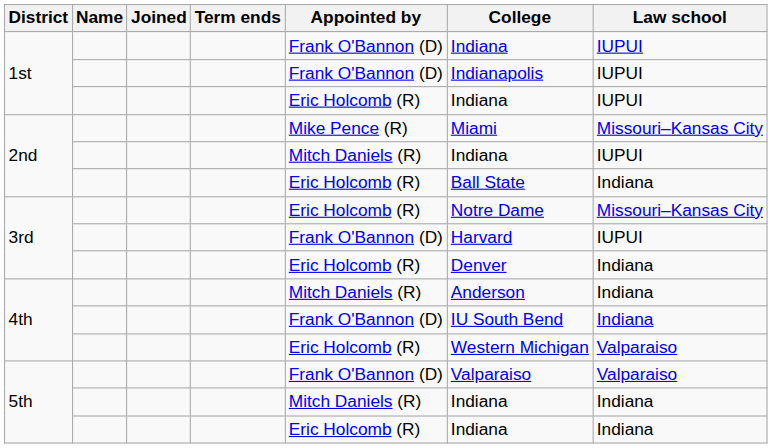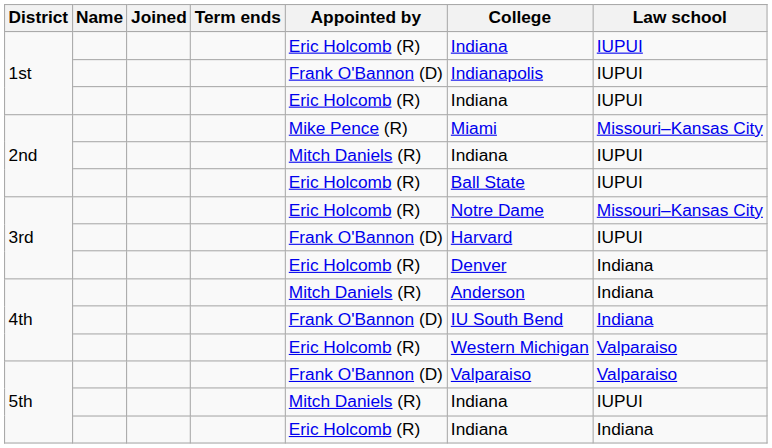 <table class="wikitable sortable">
 <tr>
 <th>District</th>
 <th>Name</th>
 <th>Joined</th>
 <th>Term ends</th>
 <th>Appointed by</th>
 <th>College</th>
 <th>Law school</th>
 </tr>
 <tr>
 <td rowspan=3>1st</td>
 <td></td>
 <td></td>
 <td></td>
-<td><a href='#'>Frank O'Bannon</a> (D)</td>
+<td><a href='#'>Eric Holcomb</a> (R)</td>
 <td><a href='#'>Indiana</a></td>
 <td><a href='#'>IUPUI</a></td>
 </tr>
 <tr>
 <td></td>
 <td></td>
 <td></td>
 <td><a href='#'>Frank O'Bannon</a> (D)</td>
 <td><a href='#'>Indianapolis</a></td>
 <td>IUPUI</td>
 </tr>
 <tr>
 <td><strong></strong></td>
 <td></td>
 <td></td>
 <td><a href='#'>Eric Holcomb</a> (R)</td>
 <td>Indiana</td>
 <td>IUPUI</td>
 </tr>
 <tr>
 <td rowspan=3>2nd</td>
 <td><strong><em></em></strong></td>
 <td></td>
 <td></td>
 <td><a href='#'>Mike Pence</a> (R)</td>
 <td><a href='#'>Miami</a></td>
 <td><a href='#'>Missouri–Kansas City</a></td>
 </tr>
 <tr>
 <td></td>
 <td></td>
 <td></td>
 <td><a href='#'>Mitch Daniels</a> (R)</td>
 <td>Indiana</td>
 <td>IUPUI</td>
 </tr>
 <tr>
 <td></td>
 <td></td>
 <td></td>
 <td><a href='#'>Eric Holcomb</a> (R)</td>
 <td><a href='#'>Ball State</a></td>
-<td>Indiana</td>
+<td>IUPUI</td>
 </tr>
 <tr>
 <td rowspan=3>3rd</td>
 <td></td>
 <td></td>
 <td></td>
 <td><a href='#'>Eric Holcomb</a> (R)</td>
 <td><a href='#'>Notre Dame</a></td>
 <td><a href='#'>Missouri–Kansas City</a></td>
 </tr>
 <tr>
 <td><strong></strong></td>
 <td></td>
 <td></td>
 <td><a href='#'>Frank O'Bannon</a> (D)</td>
 <td><a href='#'>Harvard</a></td>
 <td>IUPUI</td>
 </tr>
 <tr>
 <td></td>
 <td></td>
 <td></td>
 <td><a href='#'>Eric Holcomb</a> (R)</td>
 <td><a href='#'>Denver</a></td>
 <td>Indiana</td>
 </tr>
 <tr>
 <td rowspan=3>4th</td>
 <td></td>
 <td></td>
 <td></td>
 <td><a href='#'>Mitch Daniels</a> (R)</td>
 <td><a href='#'>Anderson</a></td>
 <td>Indiana</td>
 </tr>
 <tr>
 <td><strong></strong></td>
 <td></td>
 <td></td>
 <td><a href='#'>Frank O'Bannon</a> (D)</td>
 <td><a href='#'>IU South Bend</a></td>
 <td><a href='#'>Indiana</a></td>
 </tr>
 <tr>
 <td></td>
 <td></td>
 <td></td>
 <td><a href='#'>Eric Holcomb</a> (R)</td>
 <td><a href='#'>Western Michigan</a></td>
 <td><a href='#'>Valparaiso</a></td>
 </tr>
 <tr>
 <td rowspan=3>5th</td>
 <td></td>
 <td></td>
 <td></td>
 <td><a href='#'>Frank O'Bannon</a> (D)</td>
 <td><a href='#'>Valparaiso</a></td>
 <td><a href='#'>Valparaiso</a></td>
 </tr>
 <tr>
 <td><strong></strong></td>
 <td></td>
 <td></td>
 <td><a href='#'>Mitch Daniels</a> (R)</td>
 <td>Indiana</td>
-<td>Indiana</td>
+<td>IUPUI</td>
 </tr>
 <tr>
 <td></td>
 <td></td>
 <td></td>
 <td><a href='#'>Eric Holcomb</a> (R)</td>
 <td>Indiana</td>
 <td>Indiana</td>
 </tr>
 </table>
